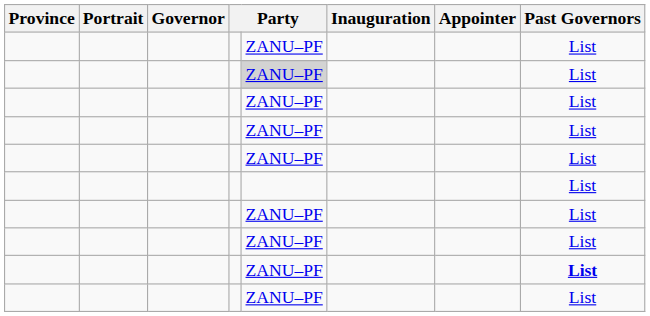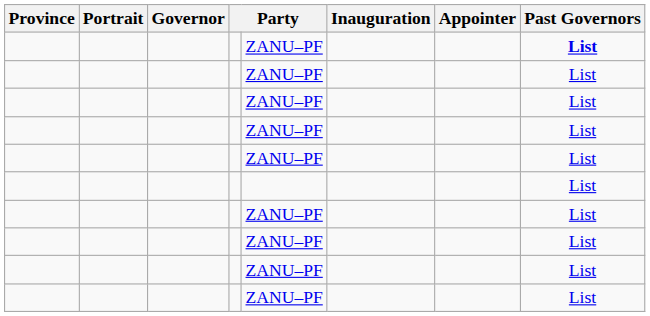 <table class="sortable wikitable" style="text-align:center;">
 <tr>
 <th>Province</th>
 <th class="unsortable">Portrait</th>
 <th width=>Governor</th>
 <th colspan="2">Party</th>
 <th>Inauguration</th>
 <th>Appointer</th>
 <th class="unsortable">Past Governors</th>
 </tr>
 <tr>
 <td></td>
 <td></td>
 <td></td>
 <td style="background:"> </td>
 <td><a href='#'>ZANU–PF</a></td>
 <td></td>
 <td></td>
-<td><a href='#'>List</a></td>
+<td><strong><a href='#'>List</a></strong></td>
 </tr>
 <tr>
 <td></td>
 <td></td>
 <td></td>
 <td style="background:"> </td>
-<td style="background: lightgrey;"><a href='#'>ZANU–PF</a></td>
+<td><a href='#'>ZANU–PF</a></td>
 <td></td>
 <td></td>
 <td><a href='#'>List</a></td>
 </tr>
 <tr>
 <td></td>
 <td></td>
 <td></td>
 <td style="background:"> </td>
 <td><a href='#'>ZANU–PF</a></td>
 <td></td>
 <td></td>
 <td><a href='#'>List</a></td>
 </tr>
 <tr>
 <td></td>
 <td></td>
 <td></td>
 <td style="background:"> </td>
 <td><a href='#'>ZANU–PF</a></td>
 <td></td>
 <td></td>
 <td><a href='#'>List</a></td>
 </tr>
 <tr>
 <td></td>
 <td></td>
 <td></td>
 <td style="background:"> </td>
 <td><a href='#'>ZANU–PF</a></td>
 <td></td>
 <td></td>
 <td><a href='#'>List</a></td>
 </tr>
 <tr>
 <td></td>
 <td></td>
 <td></td>
 <td></td>
 <td></td>
 <td></td>
 <td></td>
 <td><a href='#'>List</a></td>
 </tr>
 <tr>
 <td></td>
 <td></td>
 <td></td>
 <td style="background:"> </td>
 <td><a href='#'>ZANU–PF</a></td>
 <td></td>
 <td></td>
 <td><a href='#'>List</a></td>
 </tr>
 <tr>
 <td></td>
 <td></td>
 <td></td>
 <td style="background:"> </td>
 <td><a href='#'>ZANU–PF</a></td>
 <td></td>
 <td></td>
 <td><a href='#'>List</a></td>
 </tr>
 <tr>
 <td></td>
 <td></td>
 <td></td>
 <td style="background:"> </td>
 <td><a href='#'>ZANU–PF</a></td>
 <td></td>
 <td></td>
-<td><strong><a href='#'>List</a></strong></td>
+<td><a href='#'>List</a></td>
 </tr>
 <tr>
 <td></td>
 <td></td>
 <td></td>
 <td style="background:"> </td>
 <td><a href='#'>ZANU–PF</a></td>
 <td></td>
 <td></td>
 <td><a href='#'>List</a></td>
 </tr>
 </table>
